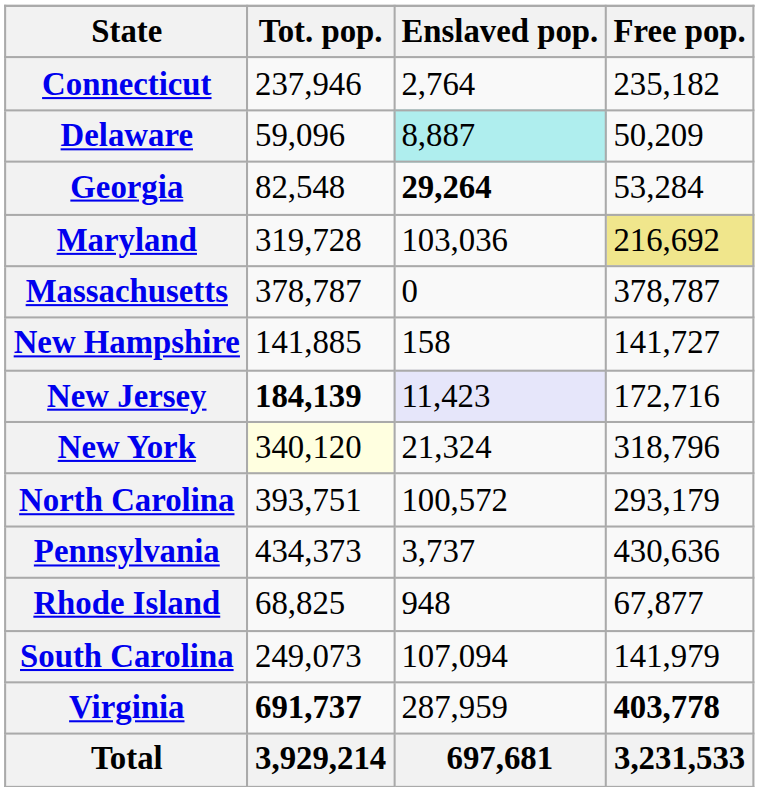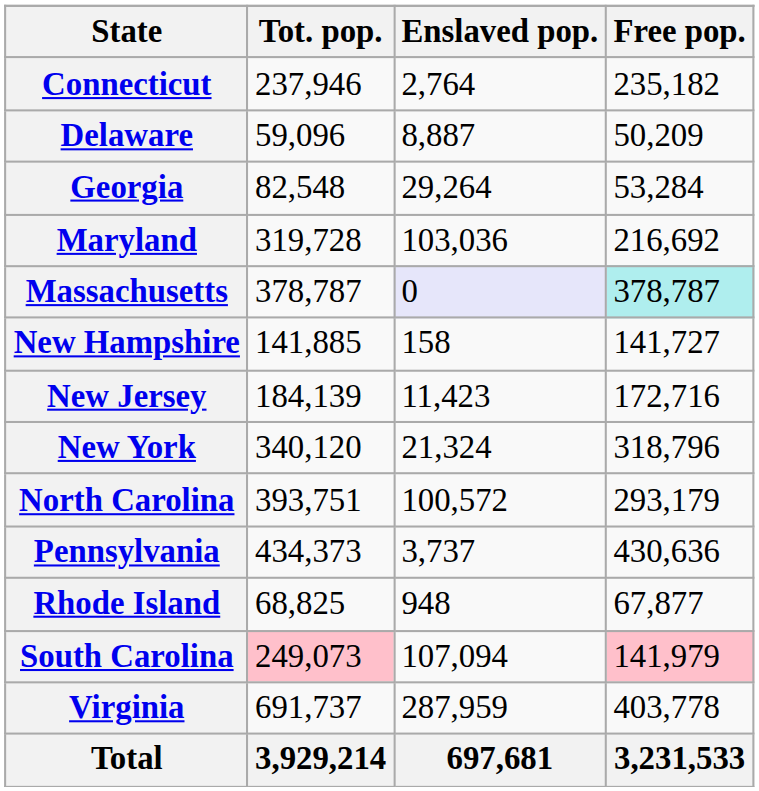 <table class="wikitable sortable" align="right" style="margin-left:1em">
 <tr>
 </tr>
 <tr>
 <th>State</th>
 <th>Tot. pop.</th>
 <th>Enslaved pop.</th>
 <th>Free pop.</th>
 </tr>
 <tr>
 <th><a href='#'>Connecticut</a></th>
 <td>237,946</td>
 <td>2,764</td>
 <td>235,182</td>
 </tr>
 <tr>
 <th><a href='#'>Delaware</a></th>
 <td>59,096</td>
-<td style="background: paleturquoise;">8,887</td>
+<td>8,887</td>
 <td>50,209</td>
 </tr>
 <tr>
 <th><a href='#'>Georgia</a></th>
 <td>82,548</td>
-<td><strong>29,264</strong></td>
+<td>29,264</td>
 <td>53,284</td>
 </tr>
 <tr>
 <th><a href='#'>Maryland</a></th>
 <td>319,728</td>
 <td>103,036</td>
-<td style="background: khaki;">216,692</td>
+<td>216,692</td>
 </tr>
 <tr>
 <th><a href='#'>Massachusetts</a></th>
 <td>378,787</td>
-<td>0</td>
-<td>378,787</td>
+<td style="background: lavender;">0</td>
+<td style="background: paleturquoise;">378,787</td>
 </tr>
 <tr>
 <th><a href='#'>New Hampshire</a></th>
 <td>141,885</td>
 <td>158</td>
 <td>141,727</td>
 </tr>
 <tr>
 <th><a href='#'>New Jersey</a></th>
-<td><strong>184,139</strong></td>
-<td style="background: lavender;">11,423</td>
+<td>184,139</td>
+<td>11,423</td>
 <td>172,716</td>
 </tr>
 <tr>
 <th><a href='#'>New York</a></th>
-<td style="background: lightyellow;">340,120</td>
+<td>340,120</td>
 <td>21,324</td>
 <td>318,796</td>
 </tr>
 <tr>
 <th><a href='#'>North Carolina</a></th>
 <td>393,751</td>
 <td>100,572</td>
 <td>293,179</td>
 </tr>
 <tr>
 <th><a href='#'>Pennsylvania</a></th>
 <td>434,373</td>
 <td>3,737</td>
 <td>430,636</td>
 </tr>
 <tr>
 <th><a href='#'>Rhode Island</a></th>
 <td>68,825</td>
 <td>948</td>
 <td>67,877</td>
 </tr>
 <tr>
 <th><a href='#'>South Carolina</a></th>
-<td>249,073</td>
+<td style="background: pink;">249,073</td>
 <td>107,094</td>
-<td>141,979</td>
+<td style="background: pink;">141,979</td>
 </tr>
 <tr>
 <th><a href='#'>Virginia</a></th>
-<td><strong>691,737</strong></td>
+<td>691,737</td>
 <td>287,959</td>
-<td><strong>403,778</strong></td>
+<td>403,778</td>
 </tr>
 <tr>
 <th>Total</th>
 <th>3,929,214</th>
 <th>697,681</th>
 <th>3,231,533</th>
 </tr>
 </table>
